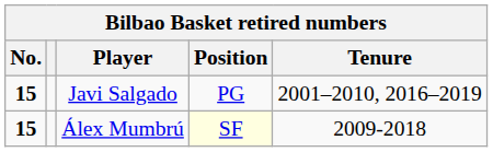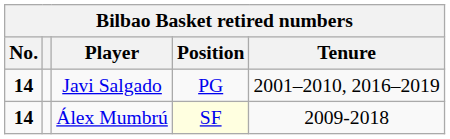 <table class="wikitable" style="text-align:center; font-size:95%;">
 <tr>
 <th colspan="5">Bilbao Basket retired numbers</th>
 </tr>
 <tr>
 <th>No.</th>
 <th></th>
 <th>Player</th>
 <th>Position</th>
 <th>Tenure</th>
 </tr>
 <tr>
-<td><strong>15</strong></td>
+<td><strong>14</strong></td>
 <td></td>
 <td><a href='#'>Javi Salgado</a></td>
 <td><a href='#'>PG</a></td>
 <td>2001–2010, 2016–2019</td>
 </tr>
 <tr>
-<td><strong>15</strong></td>
+<td><strong>14</strong></td>
 <td></td>
 <td><a href='#'>Álex Mumbrú</a></td>
 <td style="background: lightyellow;"><a href='#'>SF</a></td>
 <td>2009-2018</td>
 </tr>
 </table>
